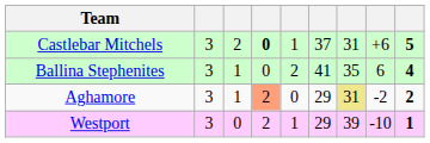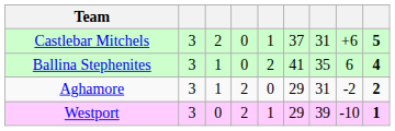 <table class="wikitable" style="text-align:center">
 <tr>
 <th style="width:175px;">Team</th>
 <th width="20"></th>
 <th width="20"></th>
 <th width="20"></th>
 <th width="20"></th>
 <th width="20"></th>
 <th width="20"></th>
 <th width="20"></th>
 <th width="20"></th>
 </tr>
 <tr style="background:#cfc;">
 <td><a href='#'>Castlebar Mitchels</a></td>
 <td>3</td>
 <td>2</td>
-<td><strong>0</strong></td>
+<td>0</td>
 <td>1</td>
 <td>37</td>
 <td>31</td>
 <td>+6</td>
 <td><strong>5</strong></td>
 </tr>
 <tr style="background:#cfc;">
 <td><a href='#'>Ballina Stephenites</a></td>
 <td>3</td>
 <td>1</td>
 <td>0</td>
 <td>2</td>
 <td>41</td>
 <td>35</td>
 <td>6</td>
 <td><strong>4</strong></td>
 </tr>
 <tr>
 <td><a href='#'>Aghamore</a></td>
 <td>3</td>
 <td>1</td>
-<td style="background: lightsalmon;">2</td>
+<td>2</td>
 <td>0</td>
 <td>29</td>
-<td style="background: khaki;">31</td>
+<td>31</td>
 <td>-2</td>
 <td><strong>2</strong></td>
 </tr>
 <tr style="background:#fcf;">
 <td><a href='#'>Westport</a></td>
 <td>3</td>
 <td>0</td>
 <td>2</td>
 <td>1</td>
 <td>29</td>
 <td>39</td>
 <td>-10</td>
 <td><strong>1</strong></td>
 </tr>
 </table>
